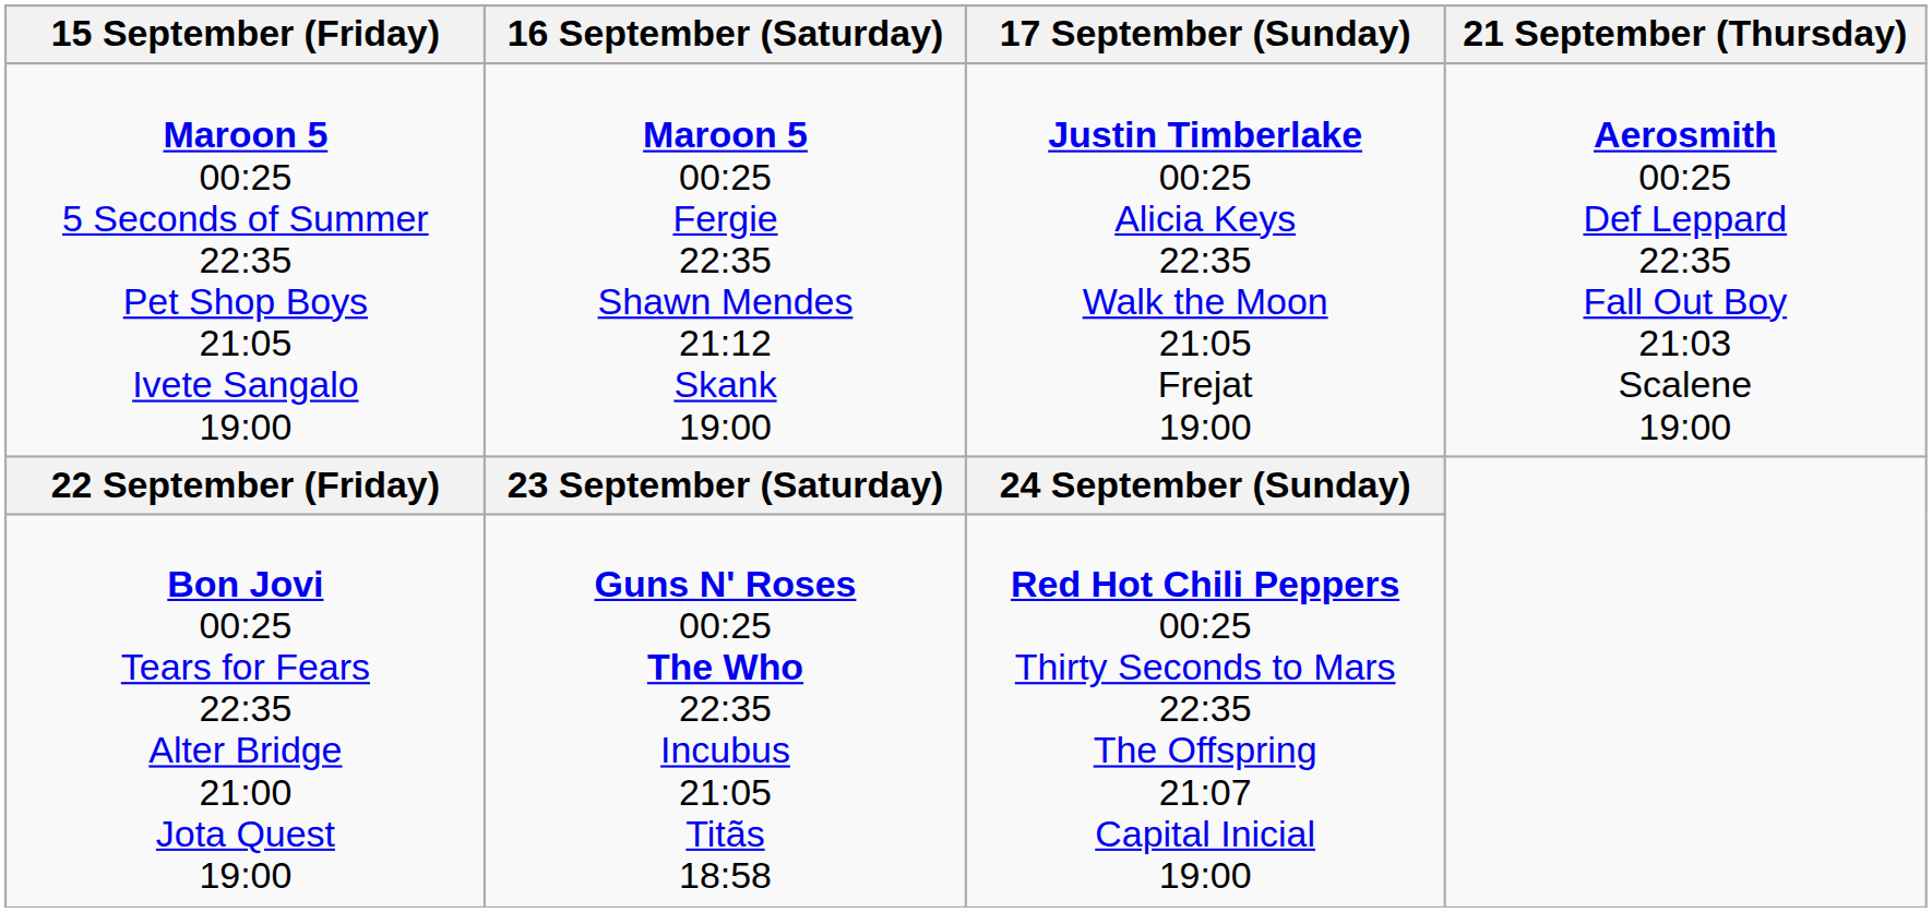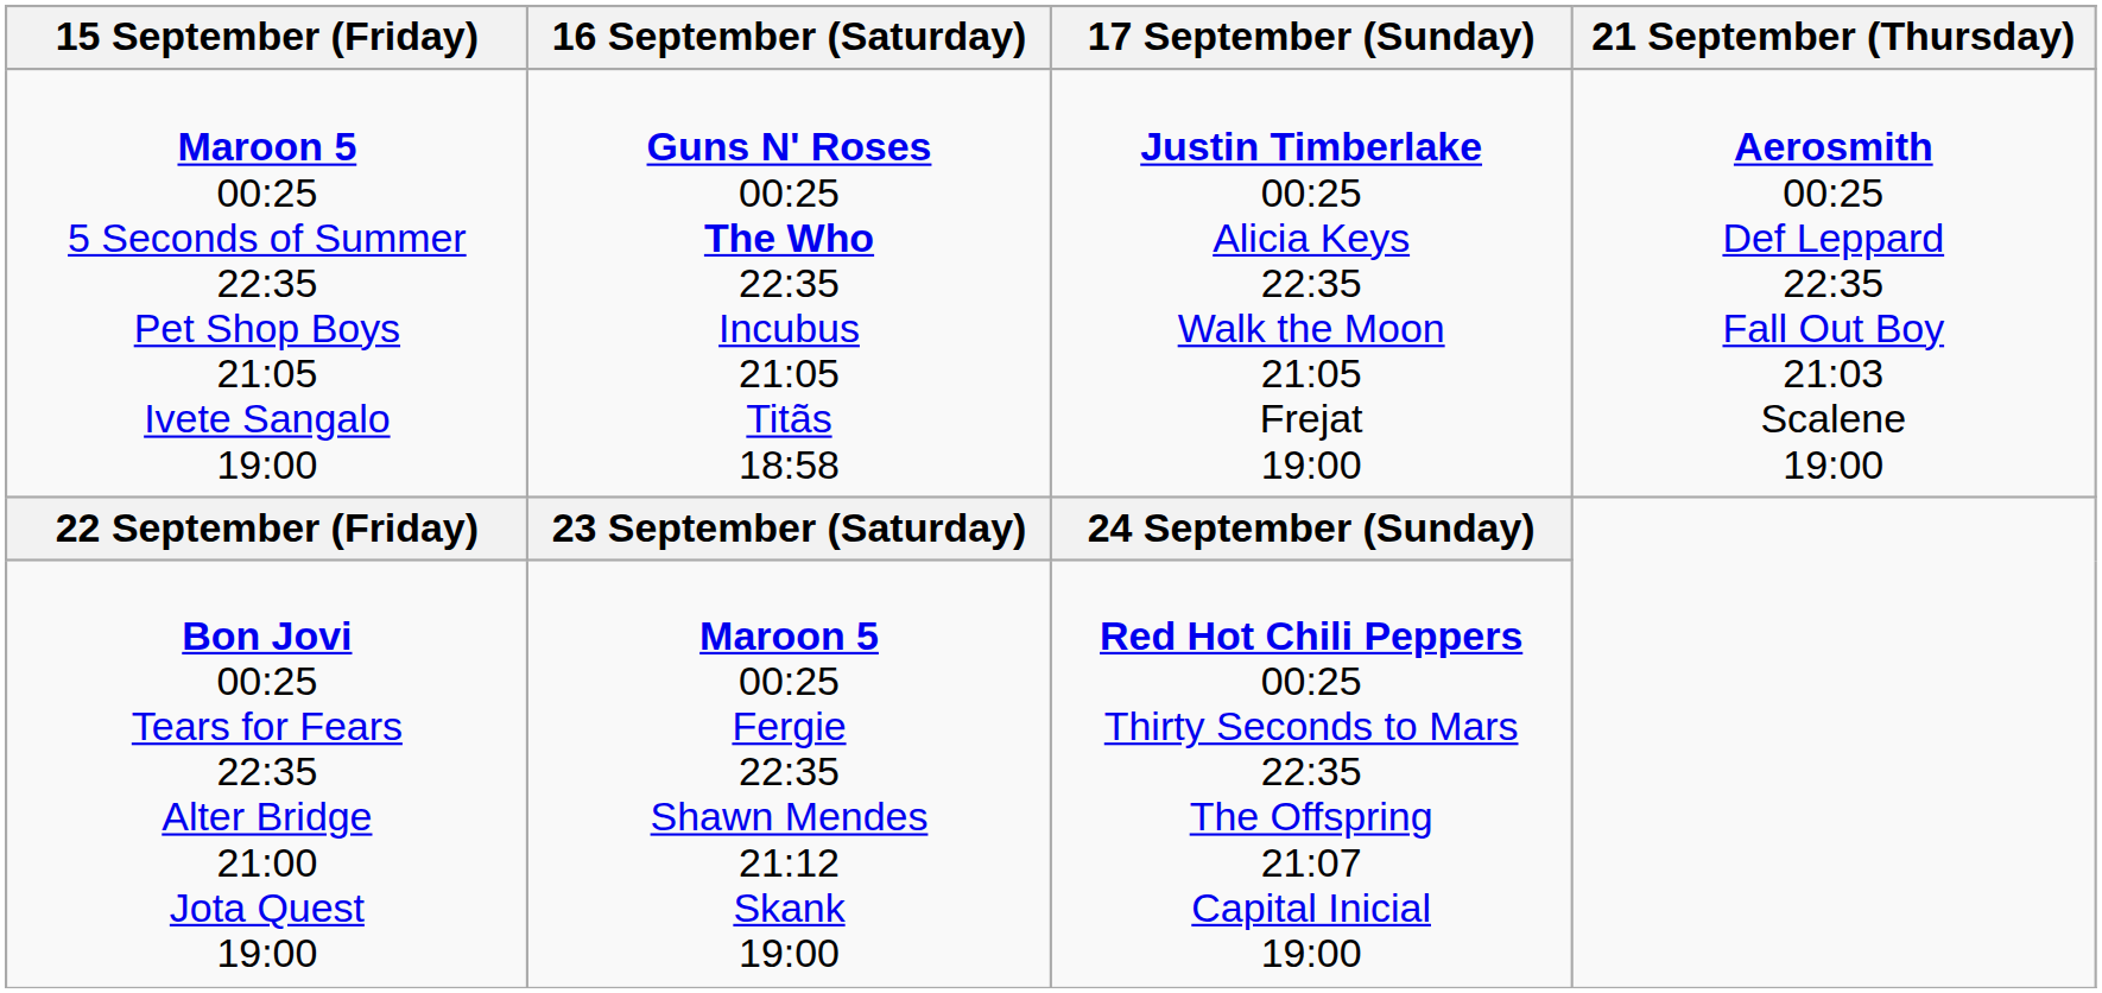 <table class="wikitable">
 <tr>
 <th>15 September (Friday)</th>
 <th>16 September (Saturday)</th>
 <th>17 September (Sunday)</th>
 <th>21 September (Thursday)</th>
 </tr>
 <tr>
 <td style="text-align:center; vertical-align:top; width:200px;"><br><strong><a href='#'>Maroon 5</a></strong><br>00:25<br> <a href='#'>5 Seconds of Summer</a><br>22:35<br> <a href='#'>Pet Shop Boys</a><br>21:05<br> <a href='#'>Ivete Sangalo</a><br>19:00</td>
-<td style="text-align:center; vertical-align:top; width:200px;"><br><strong><a href='#'>Maroon 5</a></strong><br>00:25<br> <a href='#'>Fergie</a><br>22:35<br> <a href='#'>Shawn Mendes</a><br>21:12<br> <a href='#'>Skank</a><br>19:00</td>
+<td style="text-align:center; vertical-align:top; width:200px;"><br><strong><a href='#'>Guns N' Roses</a></strong><br>00:25<br> <strong><a href='#'>The Who</a></strong><br>22:35<br> <a href='#'>Incubus</a><br>21:05<br> <a href='#'>Titãs</a><br>18:58</td>
 <td style="text-align:center; vertical-align:top; width:200px;"><br><strong><a href='#'>Justin Timberlake</a></strong><br>00:25<br> <a href='#'>Alicia Keys</a><br>22:35<br> <a href='#'>Walk the Moon</a><br>21:05<br> Frejat<br>19:00</td>
 <td style="text-align:center; vertical-align:top; width:200px;"><br><strong><a href='#'>Aerosmith</a></strong><br>00:25<br> <a href='#'>Def Leppard</a><br>22:35<br> <a href='#'>Fall Out Boy</a><br>21:03<br> Scalene<br>19:00</td>
 </tr>
 <tr>
 <th>22 September (Friday)</th>
 <th>23 September (Saturday)</th>
 <th>24 September (Sunday)</th>
 </tr>
 <tr>
 <td style="text-align:center; vertical-align:top; width:200px;"><br><strong><a href='#'>Bon Jovi</a></strong><br>00:25<br> <a href='#'>Tears for Fears</a><br>22:35<br> <a href='#'>Alter Bridge</a><br>21:00<br> <a href='#'>Jota Quest</a><br>19:00</td>
-<td style="text-align:center; vertical-align:top; width:200px;"><br><strong><a href='#'>Guns N' Roses</a></strong><br>00:25<br> <strong><a href='#'>The Who</a></strong><br>22:35<br> <a href='#'>Incubus</a><br>21:05<br> <a href='#'>Titãs</a><br>18:58</td>
+<td style="text-align:center; vertical-align:top; width:200px;"><br><strong><a href='#'>Maroon 5</a></strong><br>00:25<br> <a href='#'>Fergie</a><br>22:35<br> <a href='#'>Shawn Mendes</a><br>21:12<br> <a href='#'>Skank</a><br>19:00</td>
 <td style="text-align:center; vertical-align:top; width:200px;"><br><strong><a href='#'>Red Hot Chili Peppers</a></strong><br>00:25<br> <a href='#'>Thirty Seconds to Mars</a><br>22:35<br> <a href='#'>The Offspring</a><br>21:07<br> <a href='#'>Capital Inicial</a><br>19:00</td>
 </tr>
 </table>
